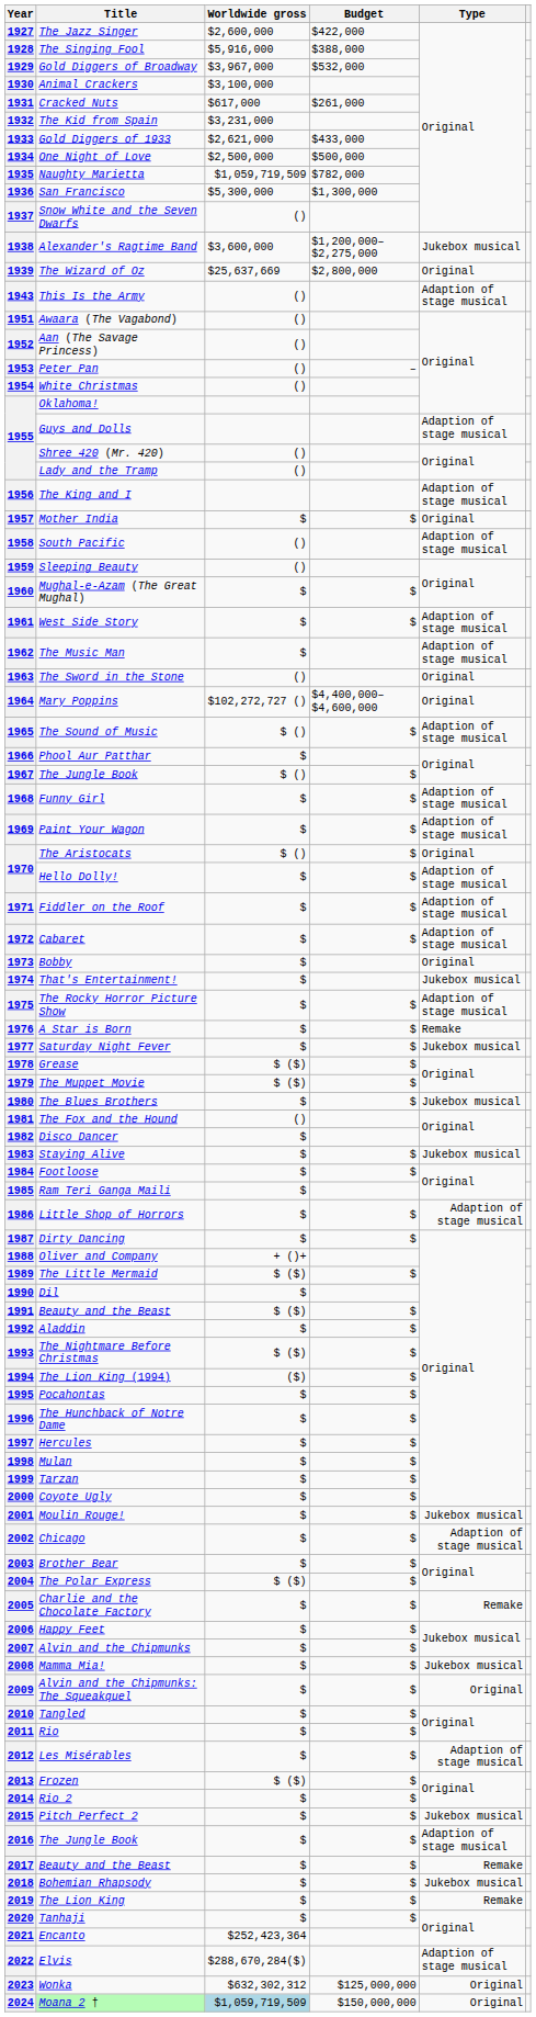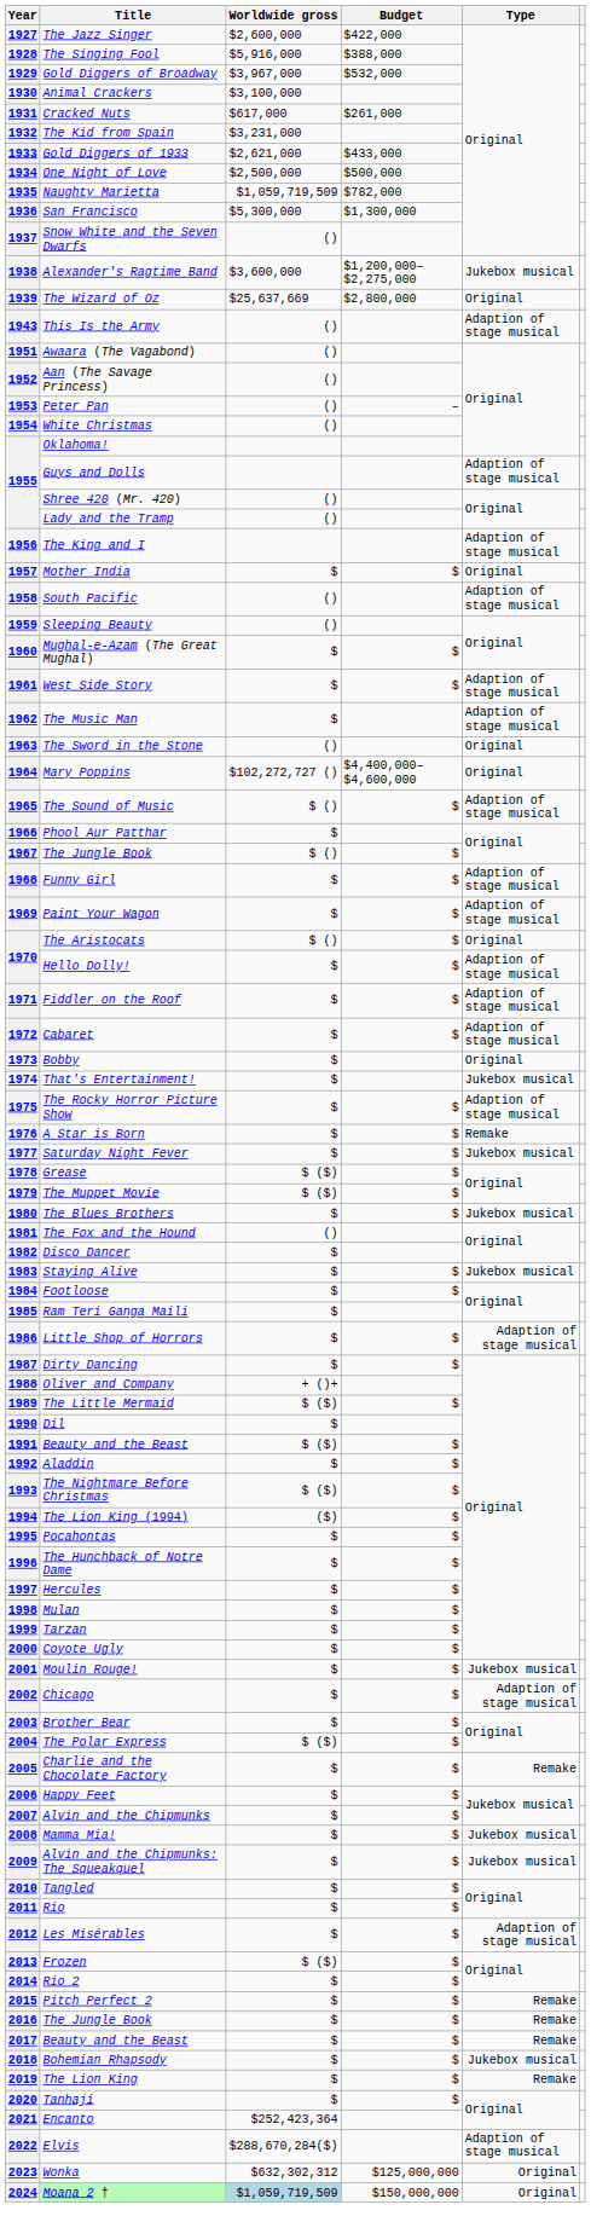 <table class="wikitable plainrowheaders" style="margin:auto; margin:auto;">
 <tr>
 <th scope="col">Year</th>
 <th scope="col">Title</th>
 <th scope="col">Worldwide gross</th>
 <th scope="col">Budget</th>
 <th scope="col">Type</th>
 <th scope="col"></th>
 </tr>
 <tr>
 <th scope="row"><a href='#'>1927</a></th>
 <td><em><a href='#'>The Jazz Singer</a></em></td>
 <td>$2,600,000</td>
 <td>$422,000</td>
 <td scope="row" rowspan="11">Original</td>
 <td></td>
 </tr>
 <tr>
 <th scope="row"><a href='#'>1928</a></th>
 <td><em><a href='#'>The Singing Fool</a></em></td>
 <td>$5,916,000</td>
 <td>$388,000</td>
 <td></td>
 </tr>
 <tr>
 <th scope="row"><a href='#'>1929</a></th>
 <td><em><a href='#'>Gold Diggers of Broadway</a></em></td>
 <td>$3,967,000</td>
 <td>$532,000</td>
 <td></td>
 </tr>
 <tr>
 <th scope="row"><a href='#'>1930</a></th>
 <td><em><a href='#'>Animal Crackers</a></em></td>
 <td>$3,100,000</td>
 <td></td>
 <td></td>
 </tr>
 <tr>
 <th scope="row"><a href='#'>1931</a></th>
 <td><em><a href='#'>Cracked Nuts</a></em></td>
 <td>$617,000</td>
 <td>$261,000</td>
 <td></td>
 </tr>
 <tr>
 <th scope="row"><a href='#'>1932</a></th>
 <td><em><a href='#'>The Kid from Spain</a></em></td>
 <td>$3,231,000</td>
 <td></td>
 <td></td>
 </tr>
 <tr>
 <th scope="row"><a href='#'>1933</a></th>
 <td><em><a href='#'>Gold Diggers of 1933</a></em></td>
 <td>$2,621,000</td>
 <td>$433,000</td>
 <td></td>
 </tr>
 <tr>
 <th scope="row"><a href='#'>1934</a></th>
 <td><em><a href='#'>One Night of Love</a></em></td>
 <td>$2,500,000</td>
 <td>$500,000</td>
 <td></td>
 </tr>
 <tr>
 <th scope="row"><a href='#'>1935</a></th>
 <td><em><a href='#'>Naughty Marietta</a></em></td>
 <td style="text-align:right;">$1,059,719,509</td>
 <td>$782,000</td>
 <td></td>
 </tr>
 <tr>
 <th scope="row"><a href='#'>1936</a></th>
 <td><em><a href='#'>San Francisco</a></em></td>
 <td>$5,300,000</td>
 <td>$1,300,000</td>
 <td></td>
 </tr>
 <tr>
 <th scope="row"><a href='#'>1937</a></th>
 <td><em><a href='#'>Snow White and the Seven Dwarfs</a></em></td>
 <td align="right"> ()</td>
 <td align="right"></td>
 <td style="text-align:center;"></td>
 </tr>
 <tr>
 <th scope="row"><a href='#'>1938</a></th>
 <td><em><a href='#'>Alexander's Ragtime Band</a></em></td>
 <td>$3,600,000</td>
 <td>$1,200,000–$2,275,000</td>
 <td>Jukebox musical</td>
 <td></td>
 </tr>
 <tr>
 <th scope="row"><a href='#'>1939</a></th>
 <td><em><a href='#'>The Wizard of Oz</a></em></td>
 <td>$25,637,669</td>
 <td>$2,800,000</td>
 <td>Original</td>
 <td></td>
 </tr>
 <tr>
 <th scope="row" style="text-align:center;"><a href='#'>1943</a></th>
 <td><em><a href='#'>This Is the Army</a></em></td>
 <td style="text-align:right;"> ()</td>
 <td></td>
 <td>Adaption of stage musical</td>
 <td style="text-align:center;"></td>
 </tr>
 <tr>
 <th scope="row" style="text-align:center;"><a href='#'>1951</a></th>
 <td><em><a href='#'>Awaara</a></em> (<em>The Vagabond</em>)</td>
 <td style="text-align:right;"> ()</td>
 <td></td>
 <td scope="row" rowspan="5">Original</td>
 <td style="text-align:center;"></td>
 </tr>
 <tr>
 <th scope="row" style="text-align:center;"><a href='#'>1952</a></th>
 <td><em><a href='#'>Aan</a></em> (<em>The Savage Princess</em>)</td>
 <td style="text-align:right;"> ()</td>
 <td></td>
 <td style="text-align:center;"></td>
 </tr>
 <tr>
 <th scope="row" style="text-align:center;"><a href='#'>1953</a></th>
 <td><em><a href='#'>Peter Pan</a></em></td>
 <td style="text-align:right;"> ()</td>
 <td style="text-align:right;">–</td>
 <td style="text-align:center;"></td>
 </tr>
 <tr>
 <th scope="row" style="text-align:center;"><a href='#'>1954</a></th>
 <td><em><a href='#'>White Christmas</a></em></td>
 <td style="text-align:right;"> ()</td>
 <td></td>
 <td style="text-align:center;"></td>
 </tr>
 <tr>
 <th rowspan="4" scope="row" style="text-align:center;"><a href='#'>1955</a></th>
 <td><em><a href='#'>Oklahoma!</a></em></td>
 <td style="text-align:right;"></td>
 <td style="text-align:right;"></td>
 <td style="text-align:center;"></td>
 </tr>
 <tr>
 <td><em><a href='#'>Guys and Dolls</a></em></td>
 <td style="text-align:right;"></td>
 <td style="text-align:right;"></td>
 <td>Adaption of stage musical</td>
 <td style="text-align:center;"></td>
 </tr>
 <tr>
 <td><em><a href='#'>Shree 420</a></em> (<em>Mr. 420</em>)</td>
 <td style="text-align:right;"> ()</td>
 <td></td>
 <td scope="row" rowspan="2">Original</td>
 <td style="text-align:center;"></td>
 </tr>
 <tr>
 <td><em><a href='#'>Lady and the Tramp</a></em></td>
 <td style="text-align:right;"> ()</td>
 <td style="text-align:right;"></td>
 <td style="text-align:center;"></td>
 </tr>
 <tr>
 <th scope="row" style="text-align:center;"><a href='#'>1956</a></th>
 <td><em><a href='#'>The King and I</a></em></td>
 <td style="text-align:right;"></td>
 <td style="text-align:right;"></td>
 <td>Adaption of stage musical</td>
 <td style="text-align:center;"></td>
 </tr>
 <tr>
 <th scope="row" style="text-align:center;"><a href='#'>1957</a></th>
 <td><em><a href='#'>Mother India</a></em></td>
 <td style="text-align:right;">$ </td>
 <td style="text-align:right;">$</td>
 <td>Original</td>
 <td style="text-align:center;"></td>
 </tr>
 <tr>
 <th scope="row"><a href='#'>1958</a></th>
 <td><em><a href='#'>South Pacific</a></em></td>
 <td align="right"> ()</td>
 <td align="right"></td>
 <td>Adaption of stage musical</td>
 <td style="text-align:center;"></td>
 </tr>
 <tr>
 <th scope="row" style="text-align:center;"><a href='#'>1959</a></th>
 <td><em><a href='#'>Sleeping Beauty</a></em></td>
 <td style="text-align:right;"> ()</td>
 <td style="text-align:right;"></td>
 <td scope="row" rowspan="2">Original</td>
 <td style="text-align:center;"></td>
 </tr>
 <tr>
 <th scope="row"><a href='#'>1960</a></th>
 <td scope="row"><em><a href='#'>Mughal-e-Azam</a></em> (<em>The Great Mughal</em>)</td>
 <td style="text-align:right">$ </td>
 <td style="text-align:right">$</td>
 <td style="text-align:center"></td>
 </tr>
 <tr>
 <th scope="row"><a href='#'>1961</a></th>
 <td scope="row"><em><a href='#'>West Side Story</a></em></td>
 <td style="text-align:right">$</td>
 <td style="text-align:right">$</td>
 <td>Adaption of stage musical</td>
 <td style="text-align:center"></td>
 </tr>
 <tr>
 <th scope="row"><a href='#'>1962</a></th>
 <td scope="row"><em><a href='#'>The Music Man</a></em></td>
 <td style="text-align:right">$</td>
 <td></td>
 <td>Adaption of stage musical</td>
 <td style="text-align:center"></td>
 </tr>
 <tr>
 <th scope="row"><a href='#'>1963</a></th>
 <td><em><a href='#'>The Sword in the Stone</a></em></td>
 <td style="text-align:right;"> ()</td>
 <td style="text-align:right;"></td>
 <td>Original</td>
 <td style="text-align:center;"></td>
 </tr>
 <tr>
 <th scope="row"><a href='#'>1964</a></th>
 <td scope="row"><em><a href='#'>Mary Poppins</a></em></td>
 <td style="text-align:right">$102,272,727 ()</td>
 <td>$4,400,000–$4,600,000</td>
 <td>Original</td>
 <td style="text-align:center"></td>
 </tr>
 <tr>
 <th scope="row"><a href='#'>1965</a></th>
 <td scope="row"><em><a href='#'>The Sound of Music</a></em></td>
 <td style="text-align:right">$ ()</td>
 <td style="text-align:right">$</td>
 <td>Adaption of stage musical</td>
 <td style="text-align:center"></td>
 </tr>
 <tr>
 <th scope="row"><a href='#'>1966</a></th>
 <td scope="row"><em><a href='#'>Phool Aur Patthar</a></em></td>
 <td style="text-align:right">$</td>
 <td></td>
 <td scope="row" rowspan="2">Original</td>
 <td style="text-align:center"></td>
 </tr>
 <tr>
 <th scope="row"><a href='#'>1967</a></th>
 <td><em><a href='#'>The Jungle Book</a></em></td>
 <td style="text-align:right">$ ()</td>
 <td style="text-align:right">$</td>
 <td style="text-align:center"></td>
 </tr>
 <tr>
 <th scope="row"><a href='#'>1968</a></th>
 <td scope="row"><em><a href='#'>Funny Girl</a></em></td>
 <td style="text-align:right">$</td>
 <td style="text-align:right">$</td>
 <td>Adaption of stage musical</td>
 <td style="text-align:center"></td>
 </tr>
 <tr>
 <th scope="row"><a href='#'>1969</a></th>
 <td scope="row"><em><a href='#'>Paint Your Wagon</a></em></td>
 <td style="text-align:right">$</td>
 <td style="text-align:right">$</td>
 <td>Adaption of stage musical</td>
 <td style="text-align:center"></td>
 </tr>
 <tr>
 <th rowspan=2! scope="row"><a href='#'>1970</a></th>
 <td scope="row"><em><a href='#'>The Aristocats</a></em></td>
 <td style="text-align:right">$ ()</td>
 <td style="text-align:right">$</td>
 <td scope="row">Original</td>
 <td style="text-align:center"></td>
 </tr>
 <tr>
 <td scope="row"><em><a href='#'>Hello Dolly!</a></em></td>
 <td style="text-align:right">$</td>
 <td style="text-align:right">$</td>
 <td scope="row">Adaption of stage musical</td>
 <td style="text-align:center"></td>
 </tr>
 <tr>
 <th scope="row"><a href='#'>1971</a></th>
 <td scope="row"><em><a href='#'>Fiddler on the Roof</a></em></td>
 <td style="text-align:right">$</td>
 <td style="text-align:right">$</td>
 <td scope="row">Adaption of stage musical</td>
 <td style="text-align:center"></td>
 </tr>
 <tr>
 <th scope="row"><a href='#'>1972</a></th>
 <td scope="row"><em><a href='#'>Cabaret</a></em></td>
 <td style="text-align:right">$</td>
 <td style="text-align:right">$</td>
 <td scope="row">Adaption of stage musical</td>
 <td style="text-align:center"></td>
 </tr>
 <tr>
 <th scope="row"><a href='#'>1973</a></th>
 <td scope="row"><em><a href='#'>Bobby</a></em></td>
 <td style="text-align:right">$</td>
 <td></td>
 <td scope="row">Original</td>
 <td style="text-align:center"></td>
 </tr>
 <tr>
 <th scope="row"><a href='#'>1974</a></th>
 <td scope="row"><em><a href='#'>That's Entertainment!</a></em></td>
 <td style="text-align:right">$</td>
 <td></td>
 <td scope="row">Jukebox musical</td>
 <td style="text-align:center"></td>
 </tr>
 <tr>
 <th scope="row"><a href='#'>1975</a></th>
 <td scope="row"><em><a href='#'>The Rocky Horror Picture Show</a></em></td>
 <td style="text-align:right">$</td>
 <td style="text-align:right">$</td>
 <td scope="row">Adaption of stage musical</td>
 <td style="text-align:center"></td>
 </tr>
 <tr>
 <th scope="row"><a href='#'>1976</a></th>
 <td scope="row"><em><a href='#'>A Star is Born</a></em></td>
 <td style="text-align:right">$</td>
 <td style="text-align:right">$</td>
 <td scope="row">Remake</td>
 <td style="text-align:center"></td>
 </tr>
 <tr>
 <th scope="row"><a href='#'>1977</a></th>
 <td scope="row"><em><a href='#'>Saturday Night Fever</a></em></td>
 <td style="text-align:right">$</td>
 <td style="text-align:right">$</td>
 <td scope="row">Jukebox musical</td>
 <td style="text-align:center"></td>
 </tr>
 <tr>
 <th scope="row"><a href='#'>1978</a></th>
 <td scope="row"><em><a href='#'>Grease</a></em></td>
 <td style="text-align:right">$ ($)</td>
 <td style="text-align:right">$</td>
 <td scope="row" rowspan="2">Original</td>
 <td style="text-align:center"></td>
 </tr>
 <tr>
 <th scope="row" style="text-align:center;"><a href='#'>1979</a></th>
 <td scope="row"><em><a href='#'>The Muppet Movie</a></em></td>
 <td style="text-align:right">$ ($)</td>
 <td style="text-align:right">$</td>
 <td style="text-align:center"></td>
 </tr>
 <tr>
 <th scope="row" style="text-align:center;"><a href='#'>1980</a></th>
 <td scope="row"><em><a href='#'>The Blues Brothers</a></em></td>
 <td style="text-align:right">$</td>
 <td style="text-align:right">$</td>
 <td scope="row">Jukebox musical</td>
 <td style="text-align:center"></td>
 </tr>
 <tr>
 <th scope="row" style="text-align:cente"><a href='#'>1981</a></th>
 <td><em><a href='#'>The Fox and the Hound</a></em></td>
 <td style="text-align:right;"> ()</td>
 <td style="text-align:right;"></td>
 <td scope="row" rowspan="2">Original</td>
 <td style="text-align:center;"></td>
 </tr>
 <tr>
 <th scope="row" style="text-align:center;"><a href='#'>1982</a></th>
 <td scope="row"><em><a href='#'>Disco Dancer</a></em></td>
 <td style="text-align:right">$</td>
 <td></td>
 <td style="text-align:center"></td>
 </tr>
 <tr>
 <th scope="row" style="text-align:center;"><a href='#'>1983</a></th>
 <td scope="row"><em><a href='#'>Staying Alive</a></em></td>
 <td style="text-align:right">$</td>
 <td style="text-align:right">$</td>
 <td scope="row">Jukebox musical</td>
 <td style="text-align:center"></td>
 </tr>
 <tr>
 <th scope="row" style="text-align:center;"><a href='#'>1984</a></th>
 <td scope="row"><em><a href='#'>Footloose</a></em></td>
 <td style="text-align:right">$</td>
 <td style="text-align:right">$</td>
 <td scope="row" rowspan="2">Original</td>
 <td style="text-align:center"></td>
 </tr>
 <tr>
 <th scope="row" style="text-align:center;"><a href='#'>1985</a></th>
 <td scope="row"><em><a href='#'>Ram Teri Ganga Maili</a></em></td>
 <td style="text-align:right">$ </td>
 <td></td>
 <td style="text-align:center"></td>
 </tr>
 <tr>
 <th scope="row" style="text-align:center;"><a href='#'>1986</a></th>
 <td scope="row"><em><a href='#'>Little Shop of Horrors</a></em></td>
 <td style="text-align:right">$</td>
 <td style="text-align:right">$</td>
 <td style="text-align:right">Adaption of stage musical</td>
 <td style="text-align:center"></td>
 </tr>
 <tr>
 <th scope="row" style="text-align:center;"><a href='#'>1987</a></th>
 <td scope="row"><em><a href='#'>Dirty Dancing</a></em></td>
 <td style="text-align:right">$</td>
 <td style="text-align:right">$</td>
 <td scope="row" rowspan="14">Original</td>
 <td style="text-align:center"></td>
 </tr>
 <tr>
 <th scope="row" style="text-align:center;"><a href='#'>1988</a></th>
 <td><em><a href='#'>Oliver and Company</a></em></td>
 <td style="text-align:right;">+ ()+</td>
 <td style="text-align:right;"></td>
 <td style="text-align:center;"></td>
 </tr>
 <tr>
 <th scope="row" style="text-align:center;"><a href='#'>1989</a></th>
 <td><em><a href='#'>The Little Mermaid</a></em></td>
 <td style="text-align:right">$ ($)</td>
 <td style="text-align:right">$</td>
 <td style="text-align:center"></td>
 </tr>
 <tr>
 <th scope="row" style="text-align:center;"><a href='#'>1990</a></th>
 <td scope="row"><em><a href='#'>Dil</a></em></td>
 <td style="text-align:right">$ </td>
 <td></td>
 <td style="text-align:center"></td>
 </tr>
 <tr>
 <th scope="row" style="text-align:center;"><a href='#'>1991</a></th>
 <td><em><a href='#'>Beauty and the Beast</a></em></td>
 <td style="text-align:right">$ ($)</td>
 <td style="text-align:right">$</td>
 <td style="text-align:center"></td>
 </tr>
 <tr>
 <th scope="row" style="text-align:center;"><a href='#'>1992</a></th>
 <td><em><a href='#'>Aladdin</a></em></td>
 <td style="text-align:right">$</td>
 <td style="text-align:right">$</td>
 <td style="text-align:center"></td>
 </tr>
 <tr>
 <th scope="row" style="text-align:center;"><a href='#'>1993</a></th>
 <td><em><a href='#'>The Nightmare Before Christmas</a></em></td>
 <td style="text-align:right">$ ($)</td>
 <td style="text-align:right">$</td>
 <td style="text-align:center"></td>
 </tr>
 <tr>
 <th scope="row" style="text-align:center;"><a href='#'>1994</a></th>
 <td><a href='#'><em>The Lion King</em> (1994)</a></td>
 <td style="text-align:right">  ($)</td>
 <td style="text-align:right">$</td>
 <td style="text-align:center"></td>
 </tr>
 <tr>
 <th scope="row" style="text-align:center;"><a href='#'>1995</a></th>
 <td><em><a href='#'>Pocahontas</a></em></td>
 <td style="text-align:right">$</td>
 <td style="text-align:right">$</td>
 <td style="text-align:center;"></td>
 </tr>
 <tr>
 <th scope="row" style="text-align:center;"><a href='#'>1996</a></th>
 <td><em><a href='#'>The Hunchback of Notre Dame</a></em></td>
 <td style="text-align:right">$</td>
 <td style="text-align:right">$</td>
 <td style="text-align:center;"></td>
 </tr>
 <tr>
 <th scope="row" style="text-align:center;"><a href='#'>1997</a></th>
 <td><em><a href='#'>Hercules</a></em></td>
 <td style="text-align:right">$</td>
 <td style="text-align:right">$</td>
 <td style="text-align:center;"></td>
 </tr>
 <tr>
 <th scope="row" style="text-align:center;"><a href='#'>1998</a></th>
 <td><em><a href='#'>Mulan</a></em></td>
 <td style="text-align:right">$</td>
 <td style="text-align:right">$</td>
 <td style="text-align:center;"></td>
 </tr>
 <tr>
 <th scope="row" style="text-align:center;"><a href='#'>1999</a></th>
 <td><em><a href='#'>Tarzan</a></em></td>
 <td style="text-align:right">$</td>
 <td style="text-align:right">$</td>
 <td style="text-align:center;"></td>
 </tr>
 <tr>
 <th scope="row" style="text-align:center;"><a href='#'>2000</a></th>
 <td><em><a href='#'>Coyote Ugly</a></em></td>
 <td style="text-align:right">$</td>
 <td style="text-align:right">$</td>
 <td style="text-align:center;"></td>
 </tr>
 <tr>
 <th scope="row" style="text-align:center;"><a href='#'>2001</a></th>
 <td><em><a href='#'>Moulin Rouge!</a></em></td>
 <td style="text-align:right">$</td>
 <td style="text-align:right">$</td>
 <td style="text-align:right">Jukebox musical</td>
 <td style="text-align:center;"></td>
 </tr>
 <tr>
 <th scope="row" style="text-align:center;"><a href='#'>2002</a></th>
 <td><em><a href='#'>Chicago</a></em></td>
 <td style="text-align:right">$</td>
 <td style="text-align:right">$</td>
 <td style="text-align:right">Adaption of stage musical</td>
 <td style="text-align:center;"></td>
 </tr>
 <tr>
 <th scope="row" style="text-align:center;"><a href='#'>2003</a></th>
 <td><em><a href='#'>Brother Bear</a></em></td>
 <td style="text-align:right">$</td>
 <td style="text-align:right">$</td>
 <td scope="row" rowspan="2">Original</td>
 <td style="text-align:center;"></td>
 </tr>
 <tr>
 <th scope="row" style="text-align:center;"><a href='#'>2004</a></th>
 <td><em><a href='#'>The Polar Express</a></em></td>
 <td style="text-align:right">$ ($)</td>
 <td style="text-align:right">$</td>
 <td style="text-align:center;"></td>
 </tr>
 <tr>
 <th scope="row" style="text-align:center;"><a href='#'>2005</a></th>
 <td><em><a href='#'>Charlie and the Chocolate Factory</a></em></td>
 <td style="text-align:right">$</td>
 <td style="text-align:right">$</td>
 <td style="text-align:right">Remake</td>
 <td style="text-align:center;"></td>
 </tr>
 <tr>
 <th scope="row" style="text-align:center;"><a href='#'>2006</a></th>
 <td><em><a href='#'>Happy Feet</a></em></td>
 <td style="text-align:right">$</td>
 <td style="text-align:right">$</td>
 <td scope="row" rowspan="2">Jukebox musical</td>
 <td style="text-align:center;"></td>
 </tr>
 <tr>
 <th scope="row" style="text-align:center;"><a href='#'>2007</a></th>
 <td><em><a href='#'>Alvin and the Chipmunks</a></em></td>
 <td style="text-align:right">$</td>
 <td style="text-align:right">$</td>
 <td style="text-align:center;"></td>
 </tr>
 <tr>
 <th scope="row" style="text-align:center;"><a href='#'>2008</a></th>
 <td><em><a href='#'>Mamma Mia!</a></em></td>
 <td style="text-align:right">$</td>
 <td style="text-align:right">$</td>
 <td style="text-align:right">Jukebox musical</td>
 <td style="text-align:center;"></td>
 </tr>
 <tr>
 <th scope="row" style="text-align:center;"><a href='#'>2009</a></th>
 <td><em><a href='#'>Alvin and the Chipmunks: The Squeakquel</a></em></td>
 <td style="text-align:right">$</td>
 <td style="text-align:right">$</td>
-<td style="text-align:right;">Original</td>
+<td style="text-align:right">Jukebox musical</td>
 <td style="text-align:center;"></td>
 </tr>
 <tr>
 <th scope="row" style="text-align:center;"><a href='#'>2010</a></th>
 <td><em><a href='#'>Tangled</a></em></td>
 <td style="text-align:right">$</td>
 <td style="text-align:right">$</td>
 <td scope="row" rowspan="2">Original</td>
 <td style="text-align:center;"></td>
 </tr>
 <tr>
 <th scope="row" style="text-align:center;"><a href='#'>2011</a></th>
 <td><em><a href='#'>Rio</a></em></td>
 <td style="text-align:right">$</td>
 <td style="text-align:right">$</td>
 <td style="text-align:center;"></td>
 </tr>
 <tr>
 <th scope="row" style="text-align:center;"><a href='#'>2012</a></th>
 <td><em><a href='#'>Les Misérables</a></em></td>
 <td style="text-align:right">$</td>
 <td style="text-align:right">$</td>
 <td style="text-align:right">Adaption of stage musical</td>
 <td style="text-align:center;"></td>
 </tr>
 <tr>
 <th scope="row" style="text-align:center;"><a href='#'>2013</a></th>
 <td><em><a href='#'>Frozen</a></em></td>
 <td style="text-align:right">$ ($)</td>
 <td style="text-align:right">$</td>
 <td scope="row" rowspan="2">Original</td>
 <td style="text-align:center"></td>
 </tr>
 <tr>
 <th scope="row" style="text-align:center;"><a href='#'>2014</a></th>
 <td><em><a href='#'>Rio 2</a></em></td>
 <td style="text-align:right">$</td>
 <td style="text-align:right">$</td>
 <td style="text-align:center"></td>
 </tr>
 <tr>
 <th scope="row" style="text-align:center;"><a href='#'>2015</a></th>
 <td><em><a href='#'>Pitch Perfect 2</a></em></td>
 <td style="text-align:right">$</td>
 <td style="text-align:right">$</td>
-<td style="text-align:right">Jukebox musical</td>
+<td style="text-align:right">Remake</td>
 <td style="text-align:center"></td>
 </tr>
 <tr>
 <th scope="row" style="text-align:center;"><a href='#'>2016</a></th>
 <td><em><a href='#'>The Jungle Book</a></em></td>
 <td style="text-align:right">$</td>
 <td style="text-align:right">$</td>
-<td>Adaption of stage musical</td>
+<td style="text-align:right">Remake</td>
 <td style="text-align:center"></td>
 </tr>
 <tr>
 <th scope="row" style="text-align:center;"><a href='#'>2017</a></th>
 <td><em><a href='#'>Beauty and the Beast</a></em></td>
 <td style="text-align:right">$</td>
 <td style="text-align:right">$</td>
 <td style="text-align:right">Remake</td>
 <td style="text-align:center"></td>
 </tr>
 <tr>
 <th scope="row" style="text-align:center;"><a href='#'>2018</a></th>
 <td><em><a href='#'>Bohemian Rhapsody</a></em></td>
 <td style="text-align:right">$</td>
 <td style="text-align:right">$</td>
 <td style="text-align:right">Jukebox musical</td>
 <td style="text-align:center"></td>
 </tr>
 <tr>
 <th scope="row" style="text-align:center;"><a href='#'>2019</a></th>
 <td><em><a href='#'>The Lion King</a></em></td>
 <td style="text-align:right">$</td>
 <td style="text-align:right">$</td>
 <td style="text-align:right">Remake</td>
 <td style="text-align:center"></td>
 </tr>
 <tr>
 <th scope="row" style="text-align:center;"><a href='#'>2020</a></th>
 <td><em><a href='#'>Tanhaji</a></em></td>
 <td style="text-align:right">$</td>
 <td style="text-align:right">$</td>
 <td scope="row" rowspan="2">Original</td>
 <td style="text-align:center"></td>
 </tr>
 <tr>
 <th scope="row" style="text-align:center;"><a href='#'>2021</a></th>
 <td><em><a href='#'>Encanto</a></em></td>
 <td style="text-align:right;">$252,423,364</td>
 <td style="text-align:right;"></td>
 <td style="text-align:center;"></td>
 </tr>
 <tr>
 <th scope="row" style="text-align:center;"><a href='#'>2022</a></th>
 <td scope="row"><em><a href='#'>Elvis</a></em></td>
 <td style="text-align:right;">$288,670,284($)</td>
 <td style="text-align:right;"></td>
 <td scope="row">Adaption of stage musical</td>
 <td style="text-align:center;"></td>
 </tr>
 <tr>
 <th scope="row" style="text-align:center;"><a href='#'>2023</a></th>
 <td scope="row"><em><a href='#'>Wonka</a></em></td>
 <td style="text-align:right;">$632,302,312</td>
 <td style="text-align:right;">$125,000,000</td>
 <td style="text-align:right;">Original</td>
 <td style="text-align:right;"></td>
 </tr>
 <tr>
 <th scope="row" style="text-align:center;"><a href='#'>2024</a></th>
 <td scope="row" style="background:#b6fcb6;"><em><a href='#'>Moana 2</a></em> †</td>
 <td style="background: lightblue; text-align:right;">$1,059,719,509</td>
 <td style="text-align:right;">$150,000,000</td>
 <td style="text-align:right;">Original</td>
 <td style="text-align:right;"></td>
 </tr>
 </table>
